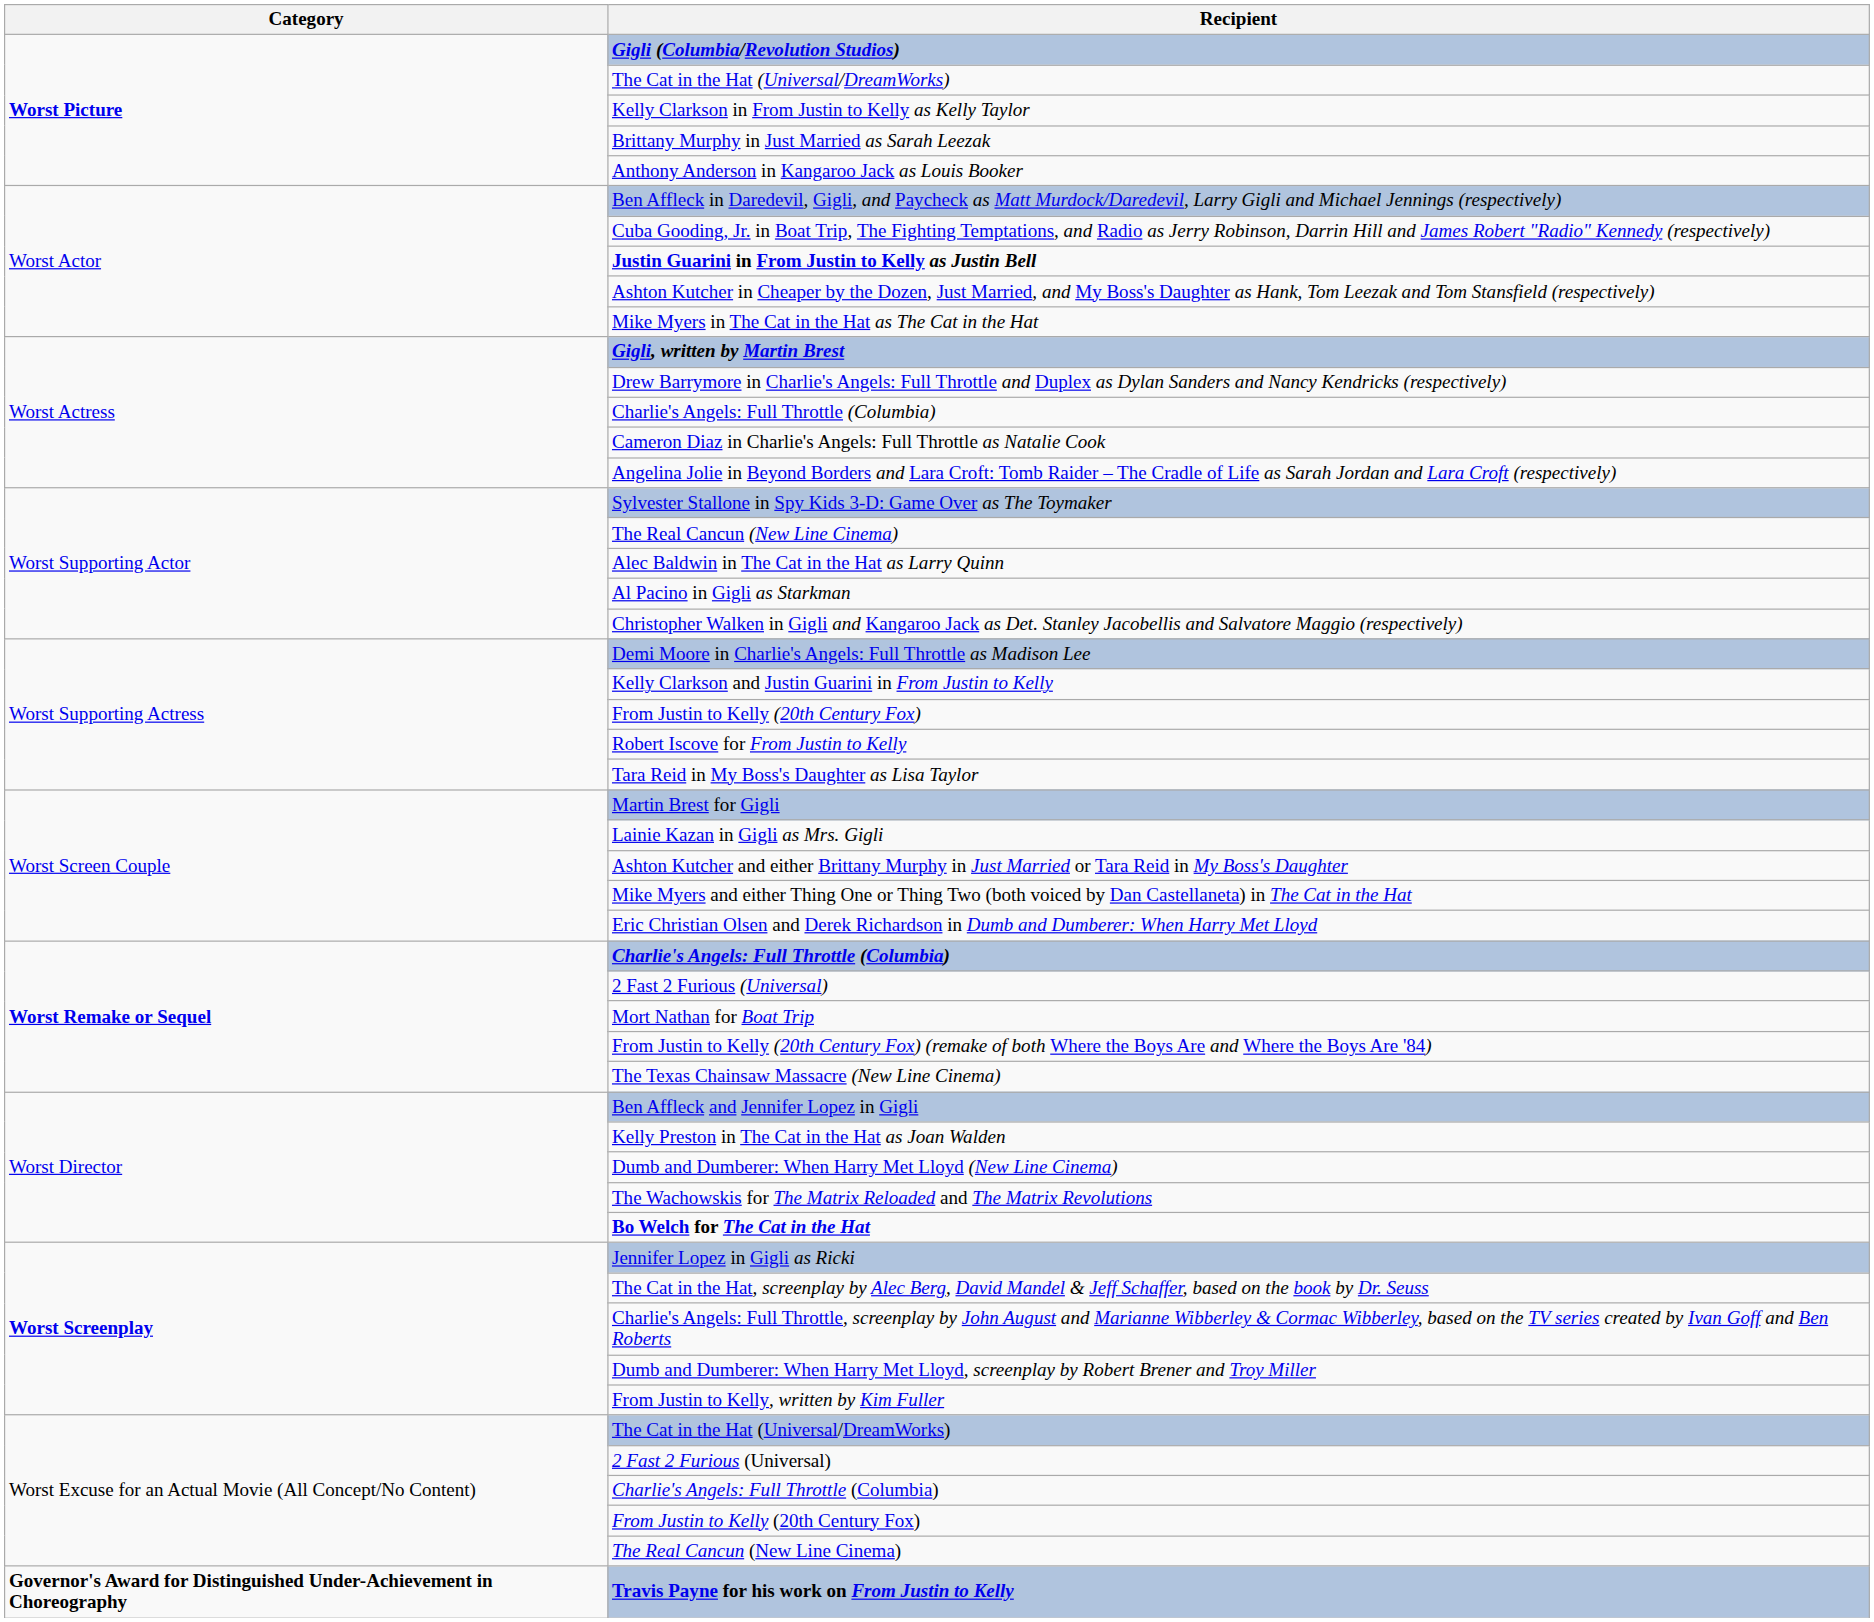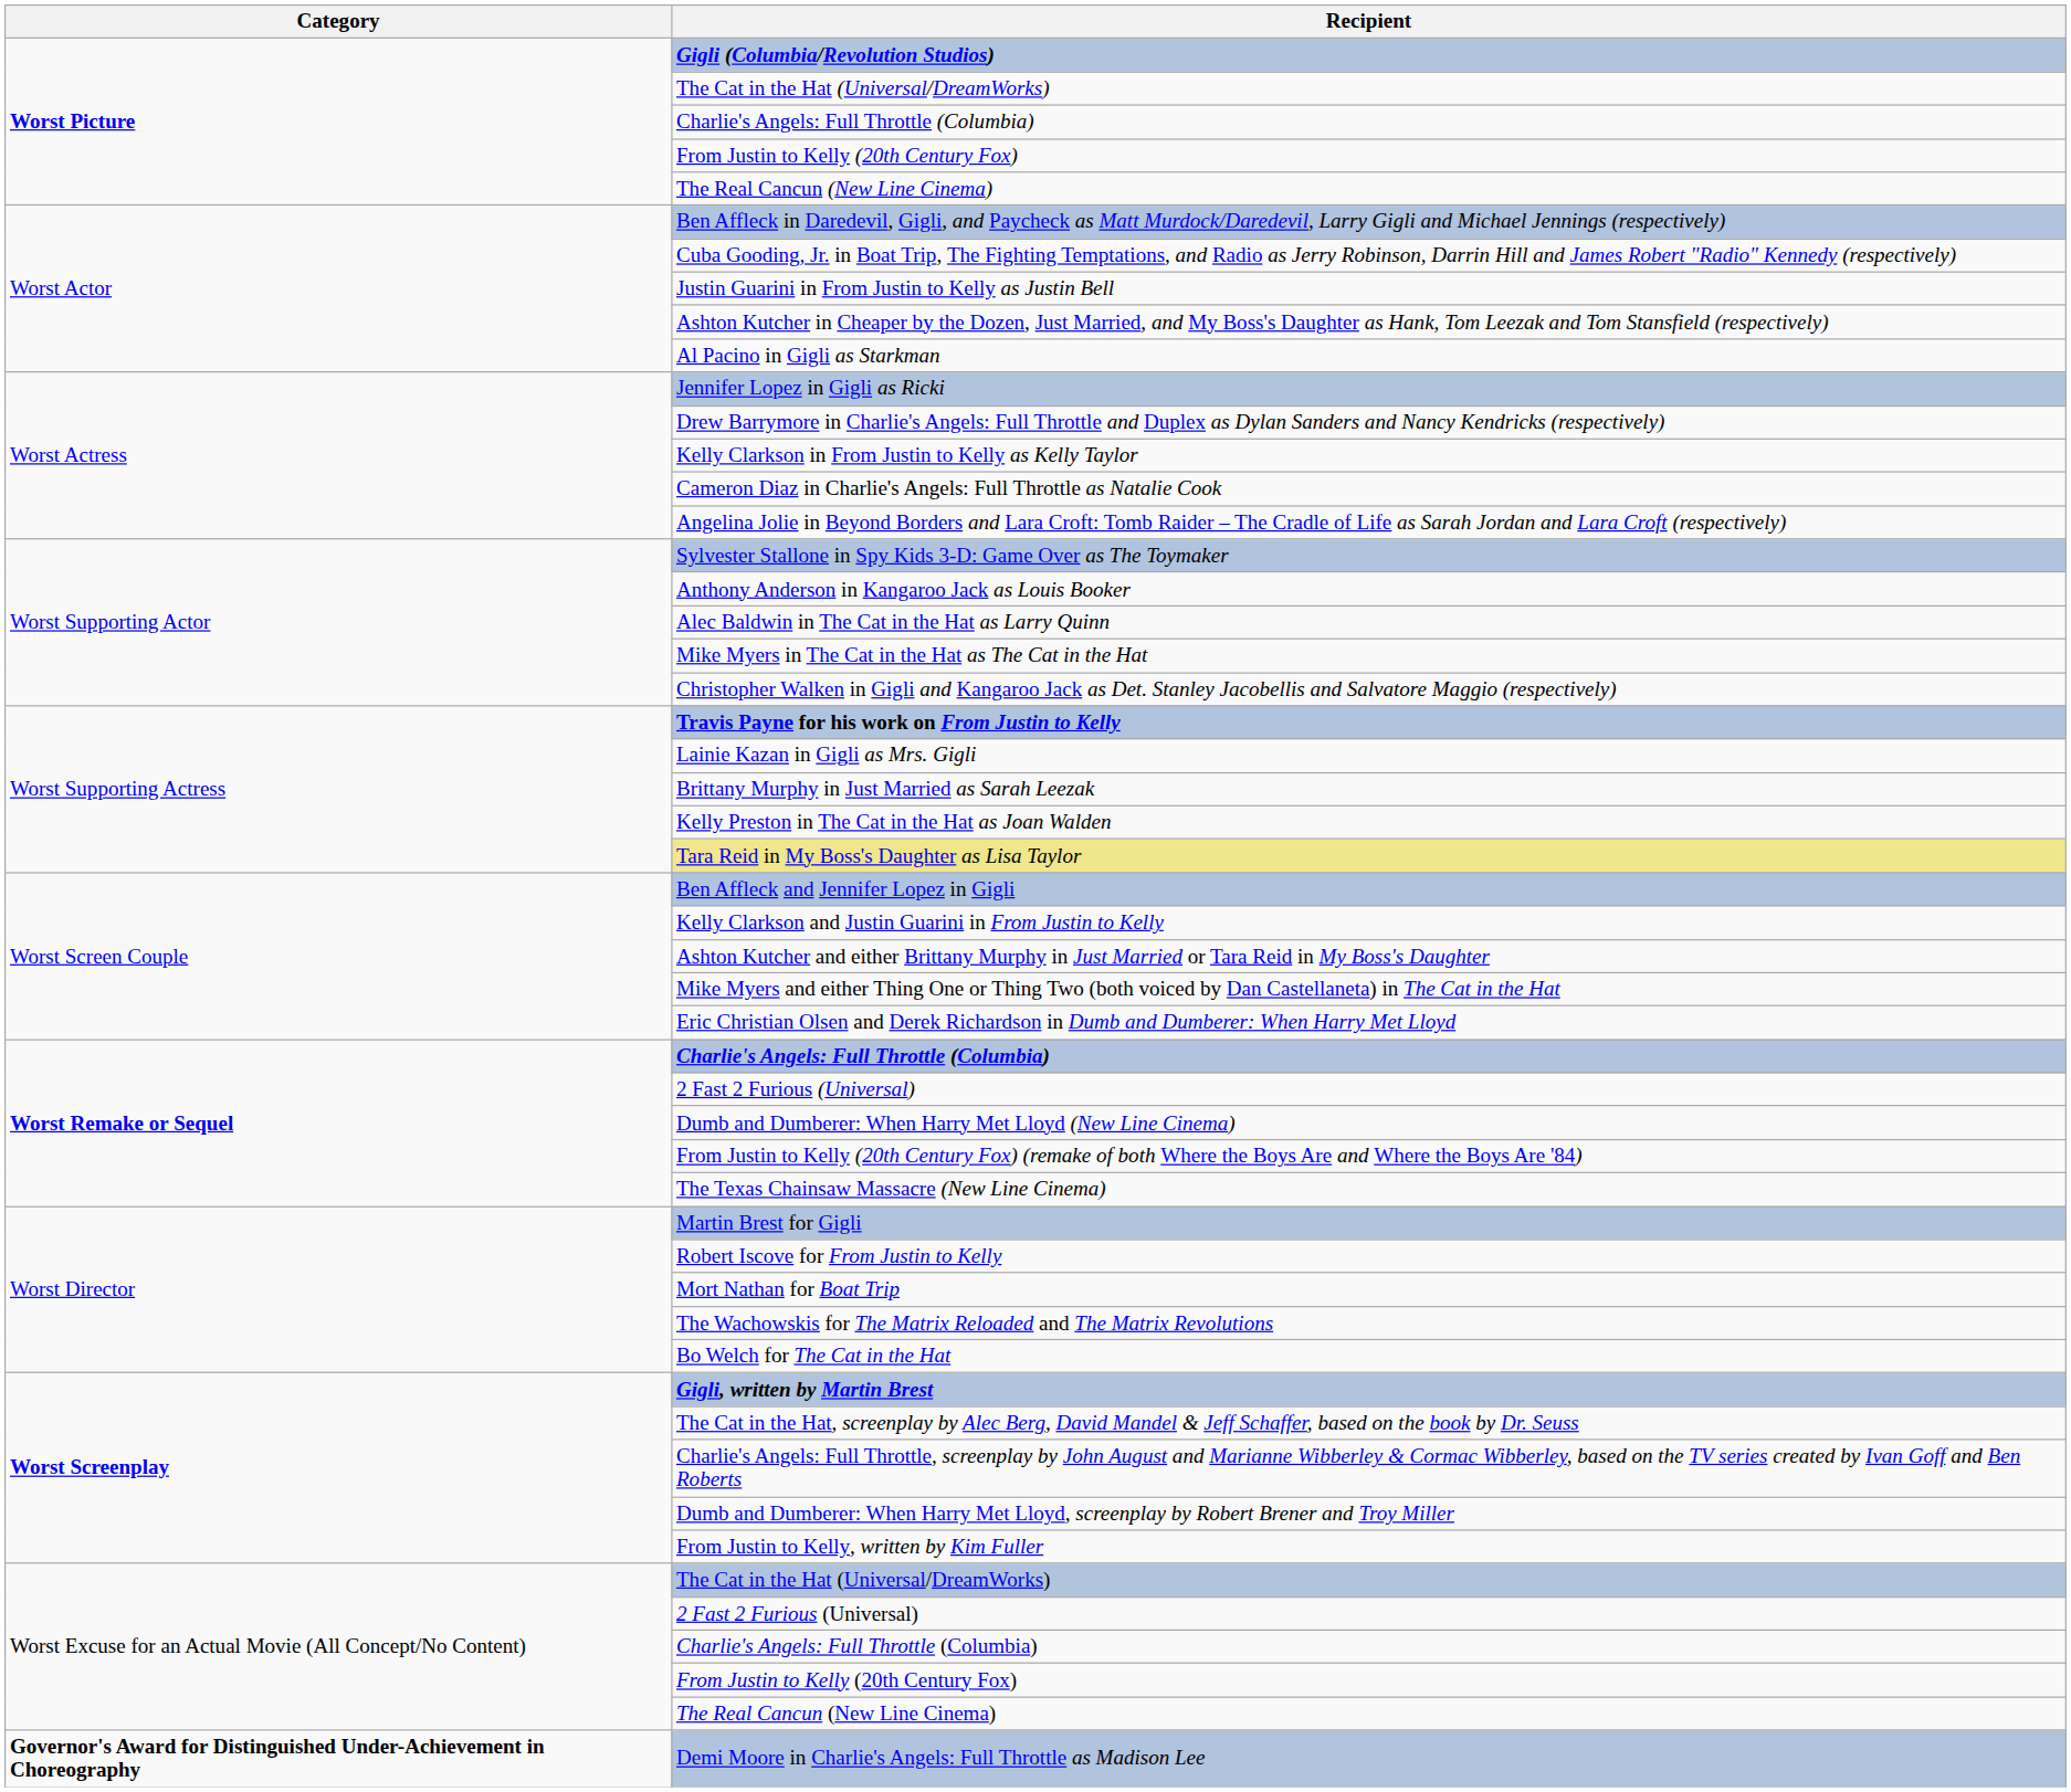 <table class="wikitable">
 <tr>
 <th>Category</th>
 <th>Recipient</th>
 </tr>
 <tr>
 <td rowspan=5><strong><a href='#'>Worst Picture</a></strong></td>
 <td style="background:#B0C4DE;"><strong><em><a href='#'>Gigli</a><em> (<a href='#'>Columbia</a>/<a href='#'>Revolution Studios</a>)<strong></td>
 </tr>
 <tr>
 <td></em><a href='#'>The Cat in the Hat</a><em> (<a href='#'>Universal</a>/<a href='#'>DreamWorks</a>)</td>
 </tr>
 <tr>
-<td><a href='#'>Kelly Clarkson</a> in </em><a href='#'>From Justin to Kelly</a><em> as Kelly Taylor</td>
+<td></em><a href='#'>Charlie's Angels: Full Throttle</a><em> (Columbia)</td>
 </tr>
 <tr>
-<td><a href='#'>Brittany Murphy</a> in </em><a href='#'>Just Married</a><em> as Sarah Leezak</td>
+<td></em><a href='#'>From Justin to Kelly</a><em> (<a href='#'>20th Century Fox</a>)</td>
 </tr>
 <tr>
-<td><a href='#'>Anthony Anderson</a> in </em><a href='#'>Kangaroo Jack</a><em> as Louis Booker</td>
+<td></em><a href='#'>The Real Cancun</a><em> (<a href='#'>New Line Cinema</a>)</td>
 </tr>
 <tr>
 <td rowspan=5></strong><a href='#'>Worst Actor</a><strong></td>
 <td style="background:#B0C4DE;"></strong><a href='#'>Ben Affleck</a> in </em><a href='#'>Daredevil</a><em>, </em><a href='#'>Gigli</a><em>, and </em><a href='#'>Paycheck</a><em> as <a href='#'>Matt Murdock/Daredevil</a>, Larry Gigli and Michael Jennings (respectively)<strong></td>
 </tr>
 <tr>
 <td><a href='#'>Cuba Gooding, Jr.</a> in </em><a href='#'>Boat Trip</a><em>, </em><a href='#'>The Fighting Temptations</a><em>, and </em><a href='#'>Radio</a><em> as Jerry Robinson, Darrin Hill and <a href='#'>James Robert "Radio" Kennedy</a> (respectively)</td>
 </tr>
 <tr>
-<td><strong><a href='#'>Justin Guarini</a> in </em><a href='#'>From Justin to Kelly</a><em> as Justin Bell</strong></td>
+<td><a href='#'>Justin Guarini</a> in </em><a href='#'>From Justin to Kelly</a><em> as Justin Bell</td>
 </tr>
 <tr>
 <td><a href='#'>Ashton Kutcher</a> in </em><a href='#'>Cheaper by the Dozen</a><em>, </em><a href='#'>Just Married</a><em>, and </em><a href='#'>My Boss's Daughter</a><em> as Hank, Tom Leezak and Tom Stansfield (respectively)</td>
 </tr>
 <tr>
-<td><a href='#'>Mike Myers</a> in </em><a href='#'>The Cat in the Hat</a><em> as The Cat in the Hat</td>
+<td><a href='#'>Al Pacino</a> in </em><a href='#'>Gigli</a><em> as Starkman</td>
 </tr>
 <tr>
 <td rowspan=5></strong><a href='#'>Worst Actress</a><strong></td>
-<td style="background:#B0C4DE;"><strong><em><a href='#'>Gigli</a><em>, written by <a href='#'>Martin Brest</a><strong></td>
+<td style="background:#B0C4DE;"></strong><a href='#'>Jennifer Lopez</a> in </em><a href='#'>Gigli</a><em> as Ricki<strong></td>
 </tr>
 <tr>
 <td><a href='#'>Drew Barrymore</a> in </em><a href='#'>Charlie's Angels: Full Throttle</a><em> and </em><a href='#'>Duplex</a><em> as Dylan Sanders and Nancy Kendricks (respectively)</td>
 </tr>
 <tr>
-<td></em><a href='#'>Charlie's Angels: Full Throttle</a><em> (Columbia)</td>
+<td><a href='#'>Kelly Clarkson</a> in </em><a href='#'>From Justin to Kelly</a><em> as Kelly Taylor</td>
 </tr>
 <tr>
 <td><a href='#'>Cameron Diaz</a> in </em>Charlie's Angels: Full Throttle<em> as Natalie Cook</td>
 </tr>
 <tr>
 <td><a href='#'>Angelina Jolie</a> in </em><a href='#'>Beyond Borders</a><em> and </em><a href='#'>Lara Croft: Tomb Raider – The Cradle of Life</a><em> as Sarah Jordan and <a href='#'>Lara Croft</a> (respectively)</td>
 </tr>
 <tr>
 <td rowspan=5></strong><a href='#'>Worst Supporting Actor</a><strong></td>
 <td style="background:#B0C4DE;"></strong><a href='#'>Sylvester Stallone</a> in </em><a href='#'>Spy Kids 3-D: Game Over</a><em> as The Toymaker<strong></td>
 </tr>
 <tr>
-<td></em><a href='#'>The Real Cancun</a><em> (<a href='#'>New Line Cinema</a>)</td>
+<td><a href='#'>Anthony Anderson</a> in </em><a href='#'>Kangaroo Jack</a><em> as Louis Booker</td>
 </tr>
 <tr>
 <td><a href='#'>Alec Baldwin</a> in </em><a href='#'>The Cat in the Hat</a><em> as Larry Quinn</td>
 </tr>
 <tr>
-<td><a href='#'>Al Pacino</a> in </em><a href='#'>Gigli</a><em> as Starkman</td>
+<td><a href='#'>Mike Myers</a> in </em><a href='#'>The Cat in the Hat</a><em> as The Cat in the Hat</td>
 </tr>
 <tr>
 <td><a href='#'>Christopher Walken</a> in </em><a href='#'>Gigli</a><em> and </em><a href='#'>Kangaroo Jack</a><em> as Det. Stanley Jacobellis and Salvatore Maggio (respectively)</td>
 </tr>
 <tr>
 <td rowspan=5></strong><a href='#'>Worst Supporting Actress</a><strong></td>
-<td style="background:#B0C4DE;"></strong><a href='#'>Demi Moore</a> in </em><a href='#'>Charlie's Angels: Full Throttle</a><em> as Madison Lee<strong></td>
+<td style="background:#B0C4DE;"><strong><a href='#'>Travis Payne</a> for his work on <em><a href='#'>From Justin to Kelly</a><strong><em></td>
+</tr>
+<tr>
+<td><a href='#'>Lainie Kazan</a> in </em><a href='#'>Gigli</a><em> as Mrs. Gigli</td>
+</tr>
+<tr>
+<td><a href='#'>Brittany Murphy</a> in </em><a href='#'>Just Married</a><em> as Sarah Leezak</td>
+</tr>
+<tr>
+<td><a href='#'>Kelly Preston</a> in </em><a href='#'>The Cat in the Hat</a><em> as Joan Walden</td>
+</tr>
+<tr>
+<td style="background: khaki;"><a href='#'>Tara Reid</a> in </em><a href='#'>My Boss's Daughter</a><em> as Lisa Taylor</td>
+</tr>
+<tr>
+<td rowspan=5></strong><a href='#'>Worst Screen Couple</a><strong></td>
+<td style="background:#B0C4DE;"></strong><a href='#'>Ben Affleck</a> <a href='#'>and</a> <a href='#'>Jennifer Lopez</a> in </em><a href='#'>Gigli</a></em></strong></td>
 </tr>
 <tr>
 <td><a href='#'>Kelly Clarkson</a> and <a href='#'>Justin Guarini</a> in <em><a href='#'>From Justin to Kelly</a></em></td>
-</tr>
-<tr>
-<td></em><a href='#'>From Justin to Kelly</a><em> (<a href='#'>20th Century Fox</a>)</td>
-</tr>
-<tr>
-<td><a href='#'>Robert Iscove</a> for <em><a href='#'>From Justin to Kelly</a></em></td>
-</tr>
-<tr>
-<td><a href='#'>Tara Reid</a> in </em><a href='#'>My Boss's Daughter</a><em> as Lisa Taylor</td>
-</tr>
-<tr>
-<td rowspan=5></strong><a href='#'>Worst Screen Couple</a><strong></td>
-<td style="background:#B0C4DE;"></strong><a href='#'>Martin Brest</a> for </em><a href='#'>Gigli</a></em></strong></td>
-</tr>
-<tr>
-<td><a href='#'>Lainie Kazan</a> in </em><a href='#'>Gigli</a><em> as Mrs. Gigli</td>
 </tr>
 <tr>
 <td><a href='#'>Ashton Kutcher</a> and either <a href='#'>Brittany Murphy</a> in <em><a href='#'>Just Married</a></em> or <a href='#'>Tara Reid</a> in <em><a href='#'>My Boss's Daughter</a></em></td>
 </tr>
 <tr>
 <td><a href='#'>Mike Myers</a> and either Thing One or Thing Two (both voiced by <a href='#'>Dan Castellaneta</a>) in <em><a href='#'>The Cat in the Hat</a></em></td>
 </tr>
 <tr>
 <td><a href='#'>Eric Christian Olsen</a> and <a href='#'>Derek Richardson</a> in <em><a href='#'>Dumb and Dumberer: When Harry Met Lloyd</a></em></td>
 </tr>
 <tr>
 <td rowspan=5><strong><a href='#'>Worst Remake or Sequel</a></strong></td>
 <td style="background:#B0C4DE;"><strong><em><a href='#'>Charlie's Angels: Full Throttle</a><em> (<a href='#'>Columbia</a>)<strong></td>
 </tr>
 <tr>
 <td></em><a href='#'>2 Fast 2 Furious</a><em> (<a href='#'>Universal</a>)</td>
 </tr>
 <tr>
-<td><a href='#'>Mort Nathan</a> for <em><a href='#'>Boat Trip</a></em></td>
+<td></em><a href='#'>Dumb and Dumberer: When Harry Met Lloyd</a><em> (<a href='#'>New Line Cinema</a>)</td>
 </tr>
 <tr>
 <td></em><a href='#'>From Justin to Kelly</a><em> (<a href='#'>20th Century Fox</a>) (remake of both </em><a href='#'>Where the Boys Are</a><em> and </em><a href='#'>Where the Boys Are '84</a><em>)</td>
 </tr>
 <tr>
 <td></em><a href='#'>The Texas Chainsaw Massacre</a><em> (New Line Cinema)</td>
 </tr>
 <tr>
 <td rowspan=5></strong><a href='#'>Worst Director</a><strong></td>
-<td style="background:#B0C4DE;"></strong><a href='#'>Ben Affleck</a> <a href='#'>and</a> <a href='#'>Jennifer Lopez</a> in </em><a href='#'>Gigli</a></em></strong></td>
+<td style="background:#B0C4DE;"></strong><a href='#'>Martin Brest</a> for </em><a href='#'>Gigli</a></em></strong></td>
 </tr>
 <tr>
-<td><a href='#'>Kelly Preston</a> in </em><a href='#'>The Cat in the Hat</a><em> as Joan Walden</td>
+<td><a href='#'>Robert Iscove</a> for <em><a href='#'>From Justin to Kelly</a></em></td>
 </tr>
 <tr>
-<td></em><a href='#'>Dumb and Dumberer: When Harry Met Lloyd</a><em> (<a href='#'>New Line Cinema</a>)</td>
+<td><a href='#'>Mort Nathan</a> for <em><a href='#'>Boat Trip</a></em></td>
 </tr>
 <tr>
 <td><a href='#'>The Wachowskis</a> for <em><a href='#'>The Matrix Reloaded</a></em> and <em><a href='#'>The Matrix Revolutions</a></em></td>
 </tr>
 <tr>
-<td><strong><a href='#'>Bo Welch</a> for <em><a href='#'>The Cat in the Hat</a></em></strong></td>
+<td><a href='#'>Bo Welch</a> for <em><a href='#'>The Cat in the Hat</a></em></td>
 </tr>
 <tr>
 <td rowspan=5><strong><a href='#'>Worst Screenplay</a></strong></td>
-<td style="background:#B0C4DE;"></strong><a href='#'>Jennifer Lopez</a> in </em><a href='#'>Gigli</a><em> as Ricki<strong></td>
+<td style="background:#B0C4DE;"><strong><em><a href='#'>Gigli</a><em>, written by <a href='#'>Martin Brest</a><strong></td>
 </tr>
 <tr>
 <td></em><a href='#'>The Cat in the Hat</a><em>, screenplay by <a href='#'>Alec Berg</a>, <a href='#'>David Mandel</a> & <a href='#'>Jeff Schaffer</a>, based on the <a href='#'>book</a> by <a href='#'>Dr. Seuss</a></td>
 </tr>
 <tr>
 <td></em><a href='#'>Charlie's Angels: Full Throttle</a><em>, screenplay by <a href='#'>John August</a> and <a href='#'>Marianne Wibberley & Cormac Wibberley</a>, based on the <a href='#'>TV series</a> created by <a href='#'>Ivan Goff</a> and <a href='#'>Ben Roberts</a></td>
 </tr>
 <tr>
 <td></em><a href='#'>Dumb and Dumberer: When Harry Met Lloyd</a><em>, screenplay by Robert Brener and <a href='#'>Troy Miller</a></td>
 </tr>
 <tr>
 <td></em><a href='#'>From Justin to Kelly</a><em>, written by <a href='#'>Kim Fuller</a></td>
 </tr>
 <tr>
 <td rowspan=5></strong>Worst Excuse for an Actual Movie (All Concept/No Content)<strong></td>
 <td style="background:#B0C4DE;"></em></strong><a href='#'>The Cat in the Hat</a></em> (<a href='#'>Universal</a>/<a href='#'>DreamWorks</a>)</strong></td>
 </tr>
 <tr>
 <td><em><a href='#'>2 Fast 2 Furious</a></em> (Universal)</td>
 </tr>
 <tr>
 <td><em><a href='#'>Charlie's Angels: Full Throttle</a></em> (<a href='#'>Columbia</a>)</td>
 </tr>
 <tr>
 <td><em><a href='#'>From Justin to Kelly</a></em> (<a href='#'>20th Century Fox</a>)</td>
 </tr>
 <tr>
 <td><em><a href='#'>The Real Cancun</a></em> (<a href='#'>New Line Cinema</a>)</td>
 </tr>
 <tr>
 <td><strong>Governor's Award for Distinguished Under-Achievement in Choreography</strong></td>
-<td style="background:#B0C4DE;"><strong><a href='#'>Travis Payne</a> for his work on <em><a href='#'>From Justin to Kelly</a><strong><em></td>
+<td style="background:#B0C4DE;"></strong><a href='#'>Demi Moore</a> in </em><a href='#'>Charlie's Angels: Full Throttle</a><em> as Madison Lee<strong></td>
 </tr>
 </table>
